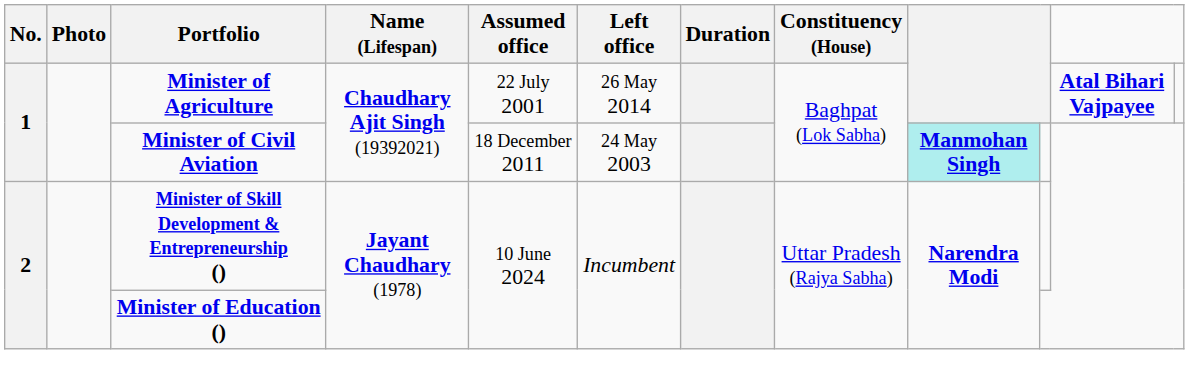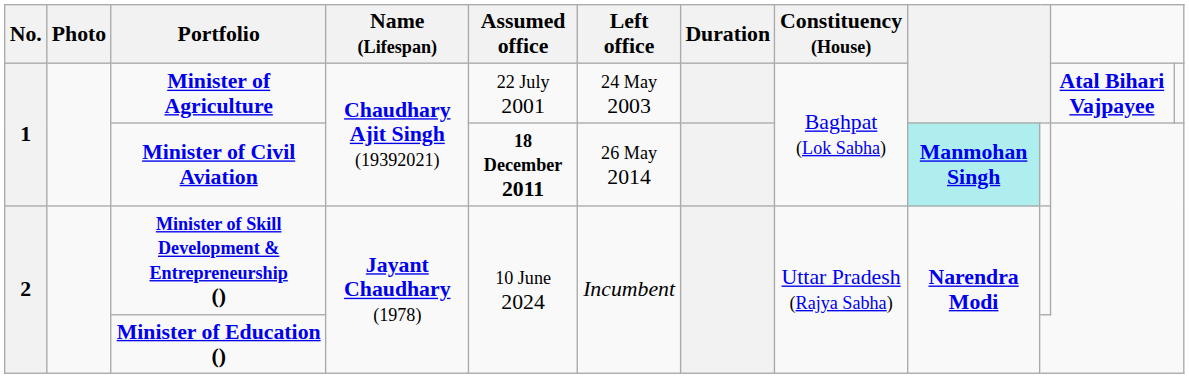 <table class="wikitable sortable" style="text-align:center;">
 <tr>
 <th Style="background-color:">No.</th>
 <th Style="background-color:">Photo</th>
 <th Style="background-color:">Portfolio</th>
 <th Style="background-color:">Name<br><small>(Lifespan)</small></th>
 <th Style="background-color:">Assumed office</th>
 <th Style="background-color:">Left office</th>
 <th Style="background-color:">Duration</th>
 <th Style="background-color:">Constituency<br><small>(House)</small></th>
 <th rowspan=2 colspan=2 Style="background-color:"><a href='#'></a></th>
 </tr>
 <tr>
 <th rowspan="2">1</th>
 <td rowspan="2"></td>
 <td><strong><a href='#'>Minister of Agriculture</a></strong></td>
 <td rowspan="2"><strong><a href='#'>Chaudhary Ajit Singh</a></strong><br><small>(19392021)</small></td>
 <td><small>22 July</small><br>2001</td>
-<td><small>26 May</small><br>2014</td>
+<td><small>24 May</small><br>2003</td>
 <th></th>
 <td rowspan="2"><a href='#'>Baghpat</a><br><small>(<a href='#'>Lok Sabha</a>)</small></td>
 <td><strong><a href='#'>Atal Bihari Vajpayee</a></strong></td>
 <td></td>
 </tr>
 <tr>
 <td><strong><a href='#'>Minister of Civil Aviation</a></strong></td>
-<td><small>18 December</small><br>2011</td>
-<td><small>24 May</small><br>2003</td>
+<td><strong><small>18 December</small><br>2011</strong></td>
+<td><small>26 May</small><br>2014</td>
 <th></th>
 <td style="background: paleturquoise;"><strong><a href='#'>Manmohan Singh</a></strong></td>
 <td></td>
 </tr>
 <tr>
 <th rowspan="2">2</th>
 <td rowspan="2"></td>
 <td><small><strong><a href='#'>Minister of Skill Development & Entrepreneurship</a></strong></small><br><strong>()</strong></td>
 <td rowspan="2"><strong><a href='#'>Jayant Chaudhary</a></strong><br><small>(1978)</small></td>
 <td rowspan="2"><small>10 June</small><br>2024</td>
 <td rowspan="2"><em>Incumbent</em></td>
 <th rowspan="2"></th>
 <td rowspan="2"><a href='#'>Uttar Pradesh</a><br><small>(<a href='#'>Rajya Sabha</a>)</small></td>
 <td rowspan="2"><strong><a href='#'>Narendra Modi</a></strong></td>
 <td></td>
 </tr>
 <tr>
 <td><strong><a href='#'>Minister of Education</a></strong><br><strong>()</strong></td>
 </tr>
 </table>
